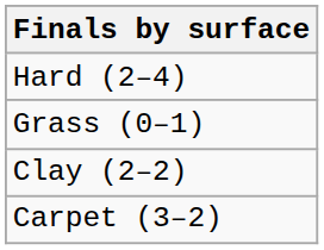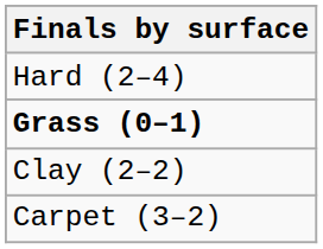 <table class="wikitable sortable mw-collapsible mw-collapsed">
 <tr>
 <th>Finals by surface</th>
 </tr>
 <tr>
 <td>Hard (2–4)</td>
 </tr>
 <tr>
-<td>Grass (0–1)</td>
+<td><strong>Grass (0–1)</strong></td>
 </tr>
 <tr>
 <td>Clay (2–2)</td>
 </tr>
 <tr>
 <td>Carpet (3–2)</td>
 </tr>
 </table>
